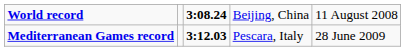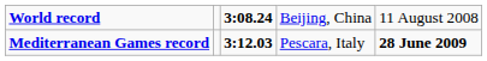 <table class="wikitable">
 <tr>
 <td><strong><a href='#'>World record</a></strong></td>
 <td></td>
 <td><strong>3:08.24</strong></td>
 <td><a href='#'>Beijing</a>, China</td>
 <td>11 August 2008</td>
 </tr>
 <tr>
 <td><strong><a href='#'>Mediterranean Games record</a></strong></td>
 <td></td>
 <td><strong>3:12.03</strong></td>
 <td><a href='#'>Pescara</a>, Italy</td>
-<td>28 June 2009</td>
+<td><strong>28 June 2009</strong></td>
 </tr>
 </table>
